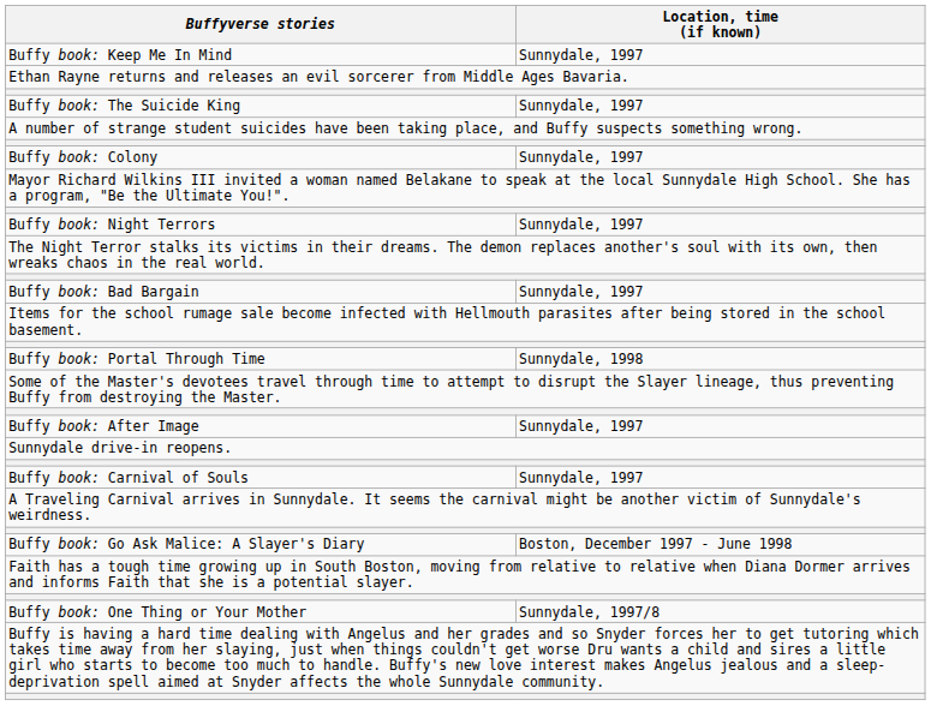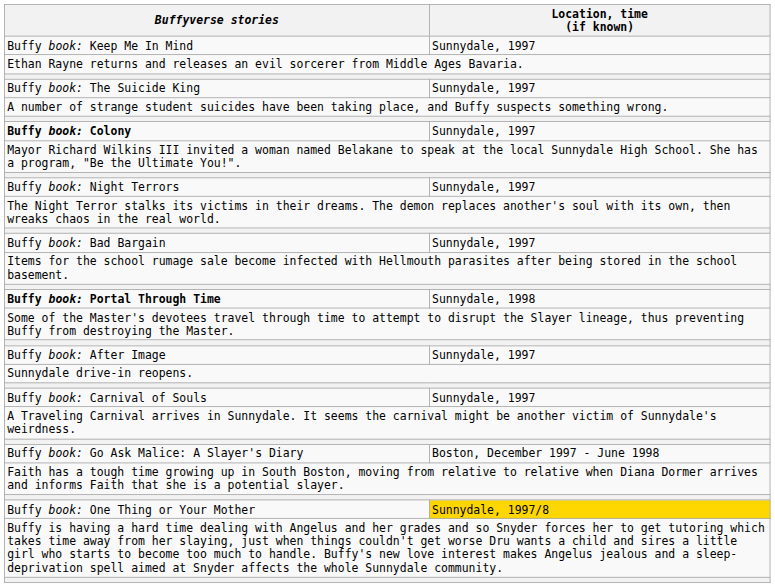 <table class="wikitable">
 <tr style="backgroundLlightsteelblue; text-align: left;">
 <th><strong><em>Buffyverse<em> stories<strong></th>
 <th></strong>Location, time<strong><br>  (if known)</th>
 </tr>
 <tr>
 <td></em>Buffy<em> book: </em>Keep Me In Mind<em></td>
 <td>Sunnydale, 1997</td>
 </tr>
 <tr>
 <td colspan="4">Ethan Rayne returns and releases an evil sorcerer from Middle Ages Bavaria.</td>
 </tr>
 <tr>
 <td colspan="6" bgcolor="#f2f2f2"></td>
 </tr>
 <tr>
 <td></em>Buffy<em> book: </em>The Suicide King<em></td>
 <td>Sunnydale, 1997</td>
 </tr>
 <tr>
 <td colspan="4">A number of strange student suicides have been taking place, and Buffy suspects something wrong.</td>
 </tr>
 <tr>
 <td colspan="6" bgcolor="#f2f2f2"></td>
 </tr>
 <tr>
-<td></em>Buffy<em> book: </em>Colony<em></td>
+<td><strong></em>Buffy<em> book: </em>Colony<em></strong></td>
 <td>Sunnydale, 1997</td>
 </tr>
 <tr>
 <td colspan="4">Mayor Richard Wilkins III invited a woman named Belakane to speak at the local Sunnydale High School. She has a program, "Be the Ultimate You!".</td>
 </tr>
 <tr>
 <td colspan="6" bgcolor="#f2f2f2"></td>
 </tr>
 <tr>
 <td></em>Buffy<em> book: </em>Night Terrors<em></td>
 <td>Sunnydale, 1997</td>
 </tr>
 <tr>
 <td colspan="4">The Night Terror stalks its victims in their dreams. The demon replaces another's soul with its own, then wreaks chaos in the real world.</td>
 </tr>
 <tr>
 <td colspan="6" bgcolor="#f2f2f2"></td>
 </tr>
 <tr>
 <td></em>Buffy<em> book: </em>Bad Bargain<em></td>
 <td>Sunnydale, 1997</td>
 </tr>
 <tr>
 <td colspan="4">Items for the school rumage sale become infected with Hellmouth parasites after being stored in the school basement.</td>
 </tr>
 <tr>
 <td colspan="6" bgcolor="#f2f2f2"></td>
 </tr>
 <tr>
-<td></em>Buffy<em> book: </em>Portal Through Time<em></td>
+<td><strong></em>Buffy<em> book: </em>Portal Through Time<em></strong></td>
 <td>Sunnydale, 1998</td>
 </tr>
 <tr>
 <td colspan="4">Some of the Master's devotees travel through time to attempt to disrupt the Slayer lineage, thus preventing Buffy from destroying the Master.</td>
 </tr>
 <tr>
 <td colspan="6" bgcolor="#f2f2f2"></td>
 </tr>
 <tr>
 <td></em>Buffy<em> book: </em>After Image<em></td>
 <td>Sunnydale, 1997</td>
 </tr>
 <tr>
 <td colspan="4">Sunnydale drive-in reopens.</td>
 </tr>
 <tr>
 <td colspan="6" bgcolor="#f2f2f2"></td>
 </tr>
 <tr>
 <td></em>Buffy<em> book: </em>Carnival of Souls<em></td>
 <td>Sunnydale, 1997</td>
 </tr>
 <tr>
 <td colspan="4">A Traveling Carnival arrives in Sunnydale. It seems the carnival might be another victim of Sunnydale's weirdness.</td>
 </tr>
 <tr>
 <td colspan="6" bgcolor="#f2f2f2"></td>
 </tr>
 <tr>
 <td></em>Buffy<em> book: </em>Go Ask Malice: A Slayer's Diary<em></td>
 <td>Boston, December 1997 - June 1998</td>
 </tr>
 <tr>
 <td colspan="4">Faith has a tough time growing up in South Boston, moving from relative to relative when Diana Dormer arrives and informs Faith that she is a potential slayer.</td>
 </tr>
 <tr>
 <td colspan="6" bgcolor="#f2f2f2"></td>
 </tr>
 <tr>
 <td></em>Buffy<em> book: </em>One Thing or Your Mother<em></td>
-<td>Sunnydale, 1997/8</td>
+<td style="background: gold;">Sunnydale, 1997/8</td>
 </tr>
 <tr>
 <td colspan="4">Buffy is having a hard time dealing with Angelus and her grades and so Snyder forces her to get tutoring which takes time away from her slaying, just when things couldn't get worse Dru wants a child and sires a little girl who starts to become too much to handle. Buffy's new love interest makes Angelus jealous and a sleep-deprivation spell aimed at Snyder affects the whole Sunnydale community.</td>
 </tr>
 <tr>
 <td colspan="6" bgcolor="#f2f2f2"></td>
 </tr>
 </table>
